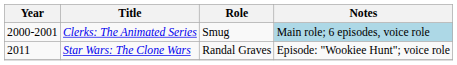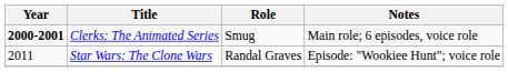 <table class="wikitable sortable">
 <tr>
 <th scope="col">Year</th>
 <th scope="col">Title</th>
 <th scope="col">Role</th>
 <th scope="col" class="unsortable">Notes</th>
 </tr>
 <tr>
-<td>2000-2001</td>
+<td><strong>2000-2001</strong></td>
 <td scope="row"><em><a href='#'>Clerks: The Animated Series</a></em></td>
 <td>Smug</td>
-<td style="background: lightblue;">Main role; 6 episodes, voice role</td>
+<td>Main role; 6 episodes, voice role</td>
 </tr>
 <tr>
 <td>2011</td>
 <td scope="row"><em><a href='#'>Star Wars: The Clone Wars</a></em></td>
 <td>Randal Graves</td>
 <td>Episode: "Wookiee Hunt"; voice role</td>
 </tr>
 <tr>
 </tr>
 </table>
